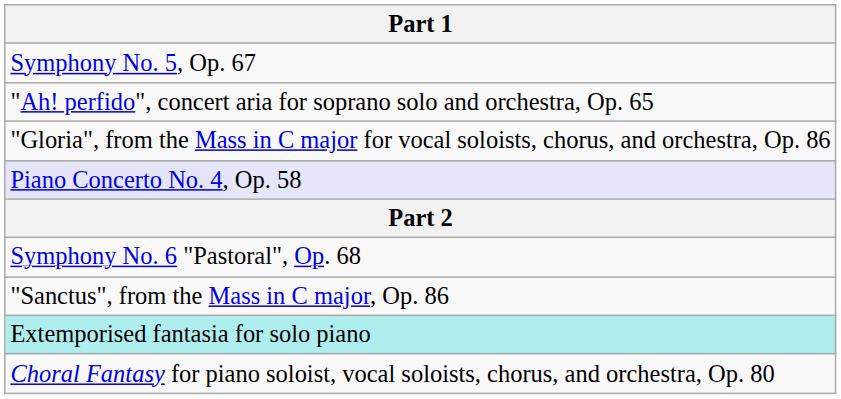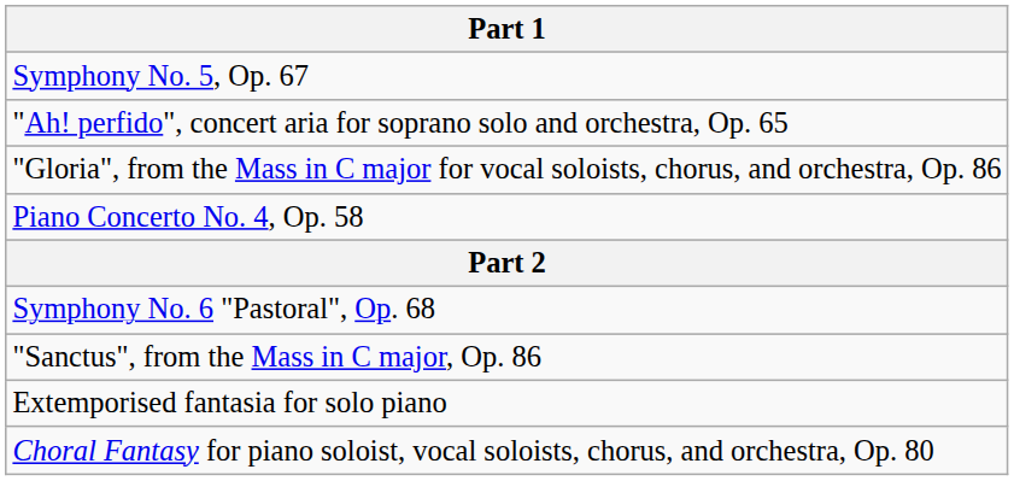 <table class="wikitable">
 <tr>
 <th>Part 1</th>
 </tr>
 <tr>
 <td><a href='#'>Symphony No. 5</a>, Op. 67</td>
 </tr>
 <tr>
 <td>"<a href='#'>Ah! perfido</a>", concert aria for soprano solo and orchestra, Op. 65</td>
 </tr>
 <tr>
 <td>"Gloria", from the <a href='#'>Mass in C major</a> for vocal soloists, chorus, and orchestra, Op. 86</td>
 </tr>
 <tr>
-<td style="background: lavender;"><a href='#'>Piano Concerto No. 4</a>, Op. 58</td>
+<td><a href='#'>Piano Concerto No. 4</a>, Op. 58</td>
 </tr>
 <tr>
 <th>Part 2</th>
 </tr>
 <tr>
 <td><a href='#'>Symphony No. 6</a> "Pastoral", <a href='#'>Op</a>. 68</td>
 </tr>
 <tr>
 <td>"Sanctus", from the <a href='#'>Mass in C major</a>, Op. 86</td>
 </tr>
 <tr>
-<td style="background: paleturquoise;">Extemporised fantasia for solo piano</td>
+<td>Extemporised fantasia for solo piano</td>
 </tr>
 <tr>
 <td><em><a href='#'>Choral Fantasy</a></em> for piano soloist, vocal soloists, chorus, and orchestra, Op. 80</td>
 </tr>
 </table>
